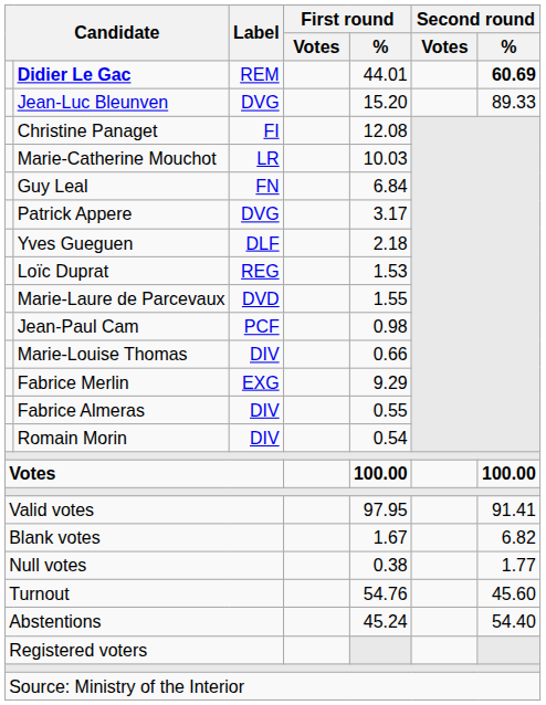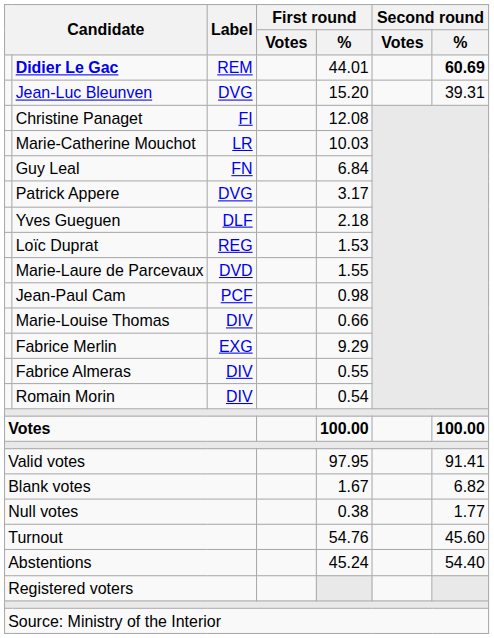 <table class="wikitable" style="text-align:right;font-size:95%;">
 <tr>
 <th rowspan="2" colspan="2">Candidate</th>
 <th rowspan="2">Label</th>
 <th colspan="2">First round</th>
 <th colspan="2">Second round</th>
 </tr>
 <tr>
 <th style="width:50px;">Votes</th>
 <th style="width:45px;">%</th>
 <th style="width:50px;">Votes</th>
 <th style="width:45px;">%</th>
 </tr>
 <tr>
 <td style="color:inherit;background:"></td>
 <td style="text-align:left;"><strong><a href='#'>Didier Le Gac</a></strong></td>
 <td><a href='#'>REM</a></td>
 <td></td>
 <td>44.01</td>
 <td><strong></strong></td>
 <td><strong>60.69</strong></td>
 </tr>
 <tr>
 <td style="color:inherit;background:"></td>
 <td style="text-align:left;"><a href='#'>Jean-Luc Bleunven</a></td>
 <td><a href='#'>DVG</a></td>
 <td></td>
 <td>15.20</td>
 <td></td>
-<td>89.33</td>
+<td>39.31</td>
 </tr>
 <tr>
 <td style="color:inherit;background:"></td>
 <td style="text-align:left;">Christine Panaget</td>
 <td><a href='#'>FI</a></td>
 <td></td>
 <td>12.08</td>
 <td colspan="2" rowspan="12" style="background:#E9E9E9;"></td>
 </tr>
 <tr>
 <td style="color:inherit;background:"></td>
 <td style="text-align:left;">Marie-Catherine Mouchot</td>
 <td><a href='#'>LR</a></td>
 <td></td>
 <td>10.03</td>
 </tr>
 <tr>
 <td style="color:inherit;background:"></td>
 <td style="text-align:left;">Guy Leal</td>
 <td><a href='#'>FN</a></td>
 <td></td>
 <td>6.84</td>
 </tr>
 <tr>
 <td style="color:inherit;background:"></td>
 <td style="text-align:left;">Patrick Appere</td>
 <td><a href='#'>DVG</a></td>
 <td></td>
 <td>3.17</td>
 </tr>
 <tr>
 <td style="color:inherit;background:"></td>
 <td style="text-align:left;">Yves Gueguen</td>
 <td><a href='#'>DLF</a></td>
 <td></td>
 <td>2.18</td>
 </tr>
 <tr>
 <td style="color:inherit;background:"></td>
 <td style="text-align:left;">Loïc Duprat</td>
 <td><a href='#'>REG</a></td>
 <td></td>
 <td>1.53</td>
 </tr>
 <tr>
 <td style="color:inherit;background:"></td>
 <td style="text-align:left;">Marie-Laure de Parcevaux</td>
 <td><a href='#'>DVD</a></td>
 <td></td>
 <td>1.55</td>
 </tr>
 <tr>
 <td style="color:inherit;background:"></td>
 <td style="text-align:left;">Jean-Paul Cam</td>
 <td><a href='#'>PCF</a></td>
 <td></td>
 <td>0.98</td>
 </tr>
 <tr>
 <td style="color:inherit;background:"></td>
 <td style="text-align:left;">Marie-Louise Thomas</td>
 <td><a href='#'>DIV</a></td>
 <td></td>
 <td>0.66</td>
 </tr>
 <tr>
 <td style="color:inherit;background:"></td>
 <td style="text-align:left;">Fabrice Merlin</td>
 <td><a href='#'>EXG</a></td>
 <td></td>
 <td>9.29</td>
 </tr>
 <tr>
 <td style="color:inherit;background:"></td>
 <td style="text-align:left;">Fabrice Almeras</td>
 <td><a href='#'>DIV</a></td>
 <td></td>
 <td>0.55</td>
 </tr>
 <tr>
 <td style="color:inherit;background:"></td>
 <td style="text-align:left;">Romain Morin</td>
 <td><a href='#'>DIV</a></td>
 <td></td>
 <td>0.54</td>
 </tr>
 <tr>
 <td colspan="7" style="background:#E9E9E9;"></td>
 </tr>
 <tr style="font-weight:bold;">
 <td colspan="3" style="text-align:left;">Votes</td>
 <td></td>
 <td>100.00</td>
 <td></td>
 <td>100.00</td>
 </tr>
 <tr>
 <td colspan="7" style="background:#E9E9E9;"></td>
 </tr>
 <tr>
 <td colspan="3" style="text-align:left;">Valid votes</td>
 <td></td>
 <td>97.95</td>
 <td></td>
 <td>91.41</td>
 </tr>
 <tr>
 <td colspan="3" style="text-align:left;">Blank votes</td>
 <td></td>
 <td>1.67</td>
 <td></td>
 <td>6.82</td>
 </tr>
 <tr>
 <td colspan="3" style="text-align:left;">Null votes</td>
 <td></td>
 <td>0.38</td>
 <td></td>
 <td>1.77</td>
 </tr>
 <tr>
 <td colspan="3" style="text-align:left;">Turnout</td>
 <td></td>
 <td>54.76</td>
 <td></td>
 <td>45.60</td>
 </tr>
 <tr>
 <td colspan="3" style="text-align:left;">Abstentions</td>
 <td></td>
 <td>45.24</td>
 <td></td>
 <td>54.40</td>
 </tr>
 <tr>
 <td colspan="3" style="text-align:left;">Registered voters</td>
 <td></td>
 <td style="color:inherit;background:#E9E9E9;"></td>
 <td></td>
 <td style="color:inherit;background:#E9E9E9;"></td>
 </tr>
 <tr>
 <td colspan="7" style="background:#E9E9E9;"></td>
 </tr>
 <tr>
 <td colspan="7" style="text-align:left;">Source: Ministry of the Interior</td>
 </tr>
 </table>
